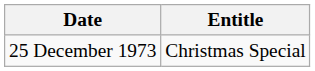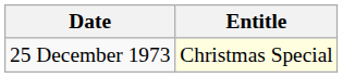 <table class="wikitable" style="text-align:center;">
 <tr>
 <th>Date</th>
 <th>Entitle</th>
 </tr>
 <tr>
 <td>25 December 1973</td>
-<td>Christmas Special</td>
+<td style="background: lightyellow;">Christmas Special</td>
 </tr>
 </table>
